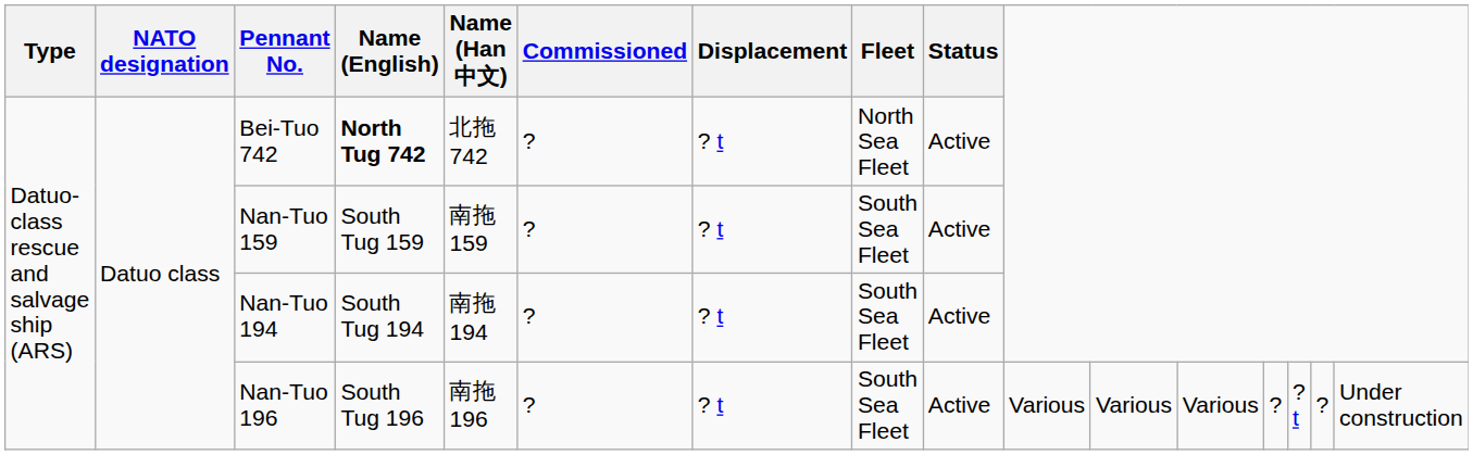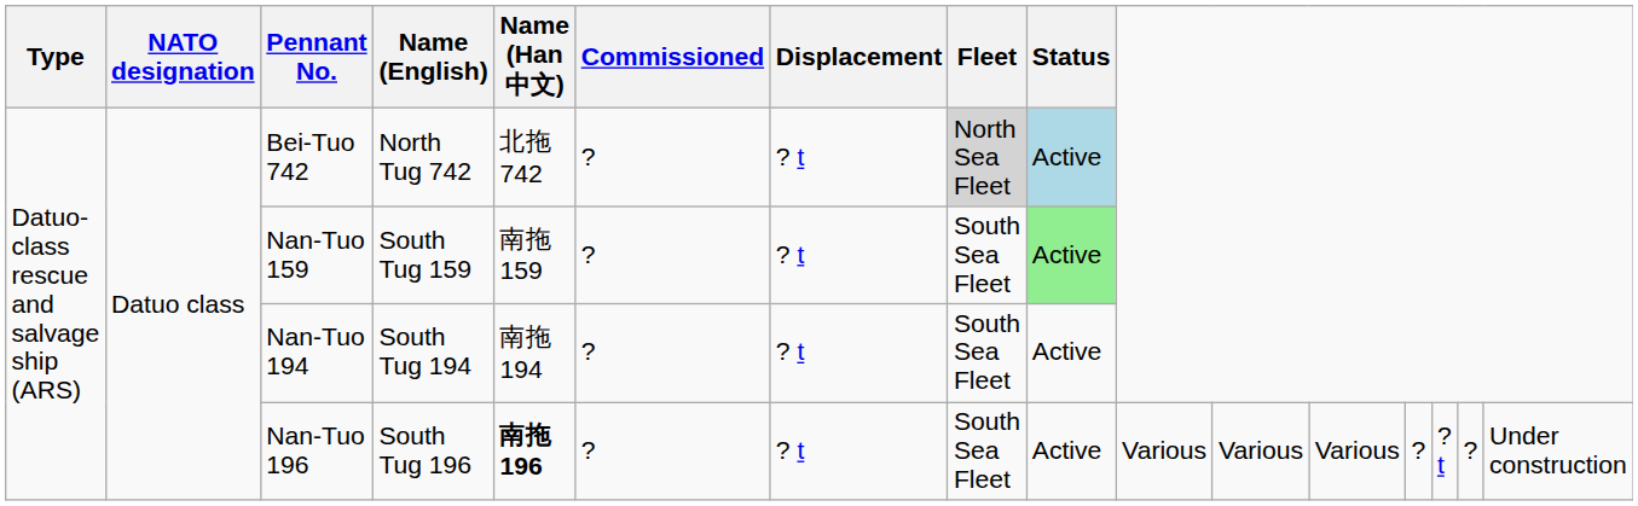 <table class="wikitable sortable"  style="margin:auto; width:100%;">
 <tr>
 <th style="text-align:center; width:16%;">Type</th>
 <th style="text-align:center; width:12%;"><a href='#'>NATO designation</a></th>
 <th style="text-align:center; width:10%;"><a href='#'>Pennant No.</a></th>
 <th style="text-align:center; width:10%;">Name<br>(English)</th>
 <th style="text-align:center; width:10%;">Name<br>(Han 中文)</th>
 <th style="text-align:center; width:10%;"><a href='#'>Commissioned</a></th>
 <th style="text-align:center; width:10%;">Displacement</th>
 <th style="text-align:center; width:10%;">Fleet</th>
 <th style="text-align:center; width:10%;">Status</th>
 </tr>
 <tr>
 <td rowspan="5">Datuo-class rescue and salvage ship (ARS)</td>
 <td rowspan="5">Datuo class</td>
 <td>Bei-Tuo 742</td>
-<td><strong>North Tug 742</strong></td>
+<td>North Tug 742</td>
 <td>北拖 742</td>
 <td>?</td>
 <td>? <a href='#'>t</a></td>
-<td>North Sea Fleet</td>
-<td><span>Active</span></td>
+<td style="background: lightgrey;">North Sea Fleet</td>
+<td style="background: lightblue;"><span>Active</span></td>
 </tr>
 <tr>
 <td>Nan-Tuo 159</td>
 <td>South Tug 159</td>
 <td>南拖 159</td>
 <td>?</td>
 <td>? <a href='#'>t</a></td>
 <td>South Sea Fleet</td>
-<td><span>Active</span></td>
+<td style="background: lightgreen;"><span>Active</span></td>
 </tr>
 <tr>
 <td>Nan-Tuo 194</td>
 <td>South Tug 194</td>
 <td>南拖 194</td>
 <td>?</td>
 <td>? <a href='#'>t</a></td>
 <td>South Sea Fleet</td>
 <td><span>Active</span></td>
 </tr>
 <tr>
 <td>Nan-Tuo 196</td>
 <td>South Tug 196</td>
-<td>南拖 196</td>
+<td><strong>南拖 196</strong></td>
 <td>?</td>
 <td>? <a href='#'>t</a></td>
 <td>South Sea Fleet</td>
 <td><span>Active</span></td>
 <td>Various</td>
 <td>Various</td>
 <td>Various</td>
 <td>?</td>
 <td>? <a href='#'>t</a></td>
 <td>?</td>
 <td><span>Under construction</span></td>
 </tr>
 </table>
